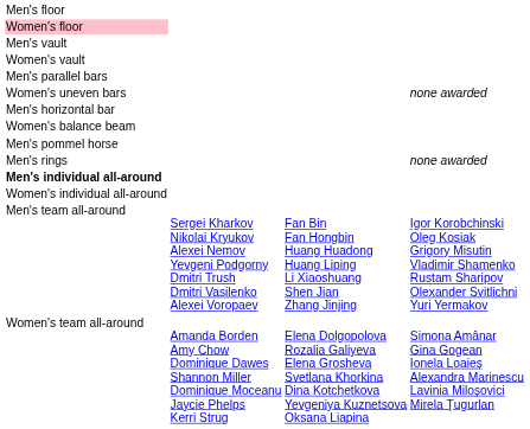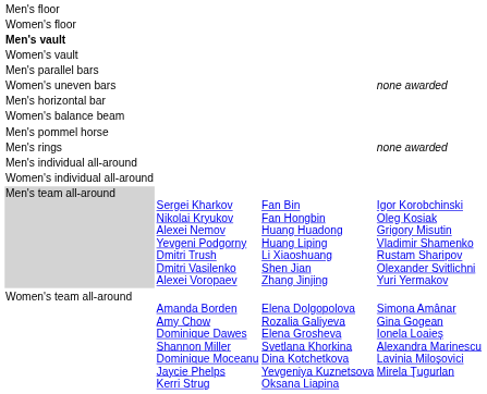 <table>
 <tr>
 <td>Men's floor<br></td>
 <td></td>
 <td></td>
 <td></td>
 </tr>
 <tr>
-<td style="background: pink;">Women's floor<br></td>
+<td>Women's floor<br></td>
 <td></td>
 <td></td>
 <td></td>
 </tr>
 <tr>
-<td>Men's vault<br></td>
+<td><strong>Men's vault<br></strong></td>
 <td></td>
 <td></td>
 <td></td>
 </tr>
 <tr>
 <td>Women's vault<br></td>
 <td></td>
 <td></td>
 <td></td>
 </tr>
 <tr valign="top">
 <td>Men's parallel bars<br></td>
 <td></td>
 <td></td>
 <td></td>
 </tr>
 <tr valign="top">
 <td rowspan=2>Women's uneven bars<br></td>
 <td rowspan=2></td>
 <td></td>
 <td rowspan=2><em>none awarded</em></td>
 </tr>
 <tr>
 <td></td>
 </tr>
 <tr valign="top">
 <td rowspan=3>Men's horizontal bar<br></td>
 <td rowspan=3></td>
 <td rowspan=3></td>
 <td></td>
 </tr>
 <tr>
 <td></td>
 </tr>
 <tr>
 <td></td>
 </tr>
 <tr valign="top">
 <td>Women's balance beam<br></td>
 <td></td>
 <td></td>
 <td></td>
 </tr>
 <tr valign="top">
 <td>Men's pommel horse<br></td>
 <td></td>
 <td></td>
 <td></td>
 </tr>
 <tr valign="top">
 <td rowspan=2>Men's rings<br></td>
 <td rowspan=2></td>
 <td></td>
 <td rowspan=2><em>none awarded</em></td>
 </tr>
 <tr>
 <td></td>
 </tr>
 <tr valign="top">
-<td><strong>Men's individual all-around<br></strong></td>
+<td>Men's individual all-around<br></td>
 <td></td>
 <td></td>
 <td></td>
 </tr>
 <tr valign="top">
 <td rowspan=2>Women's individual all-around<br></td>
 <td rowspan=2></td>
 <td rowspan=2></td>
 <td></td>
 </tr>
 <tr>
 <td></td>
 </tr>
 <tr valign="top">
-<td>Men's team all-around<br></td>
+<td style="background: lightgrey;">Men's team all-around<br></td>
 <td><br><a href='#'>Sergei Kharkov</a><br><a href='#'>Nikolai Kryukov</a><br><a href='#'>Alexei Nemov</a><br><a href='#'>Yevgeni Podgorny</a><br><a href='#'>Dmitri Trush</a><br><a href='#'>Dmitri Vasilenko</a><br><a href='#'>Alexei Voropaev</a></td>
 <td><br><a href='#'>Fan Bin</a><br><a href='#'>Fan Hongbin</a><br><a href='#'>Huang Huadong</a><br><a href='#'>Huang Liping</a><br><a href='#'>Li Xiaoshuang</a><br><a href='#'>Shen Jian</a><br><a href='#'>Zhang Jinjing</a></td>
 <td><br><a href='#'>Igor Korobchinski</a><br><a href='#'>Oleg Kosiak</a><br><a href='#'>Grigory Misutin</a><br><a href='#'>Vladimir Shamenko</a><br><a href='#'>Rustam Sharipov</a><br><a href='#'>Olexander Svitlichni</a><br><a href='#'>Yuri Yermakov</a></td>
 </tr>
 <tr valign="top">
 <td>Women's team all-around<br></td>
 <td><br><a href='#'>Amanda Borden</a><br><a href='#'>Amy Chow</a><br><a href='#'>Dominique Dawes</a><br><a href='#'>Shannon Miller</a><br><a href='#'>Dominique Moceanu</a><br><a href='#'>Jaycie Phelps</a><br><a href='#'>Kerri Strug</a></td>
 <td><br><a href='#'>Elena Dolgopolova</a><br><a href='#'>Rozalia Galiyeva</a><br><a href='#'>Elena Grosheva</a><br><a href='#'>Svetlana Khorkina</a><br><a href='#'>Dina Kotchetkova</a><br><a href='#'>Yevgeniya Kuznetsova</a><br><a href='#'>Oksana Liapina</a></td>
 <td><br><a href='#'>Simona Amânar</a><br><a href='#'>Gina Gogean</a><br><a href='#'>Ionela Loaieş</a><br><a href='#'>Alexandra Marinescu</a><br><a href='#'>Lavinia Miloşovici</a><br><a href='#'>Mirela Ţugurlan</a></td>
 </tr>
 </table>
